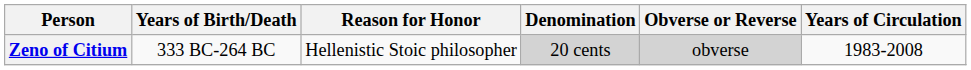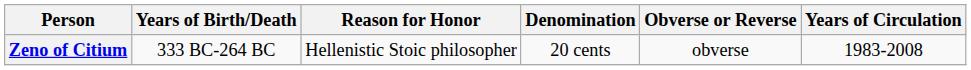 <table class="wikitable" style="font-size:95%; text-align:center;">
 <tr>
 <th>Person</th>
 <th>Years of Birth/Death</th>
 <th>Reason for Honor</th>
 <th>Denomination</th>
 <th>Obverse or Reverse</th>
 <th>Years of Circulation</th>
 </tr>
 <tr>
 <th><a href='#'>Zeno of Citium</a></th>
 <td>333 BC-264 BC</td>
 <td>Hellenistic Stoic philosopher</td>
-<td style="background: lightgrey;">20 cents</td>
-<td style="background: lightgrey;">obverse</td>
+<td>20 cents</td>
+<td>obverse</td>
 <td>1983-2008</td>
 </tr>
 <tr>
 </tr>
 </table>
